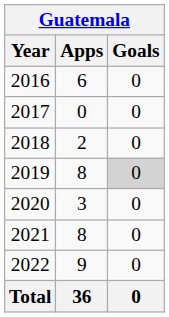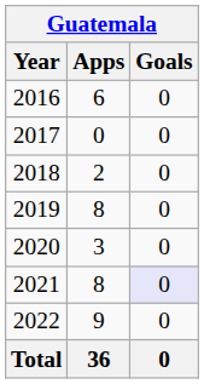 <table class="wikitable" style="text-align:center">
 <tr>
 <th colspan=3><a href='#'>Guatemala</a></th>
 </tr>
 <tr>
 <th>Year</th>
 <th>Apps</th>
 <th>Goals</th>
 </tr>
 <tr>
 <td>2016</td>
 <td>6</td>
 <td>0</td>
 </tr>
 <tr>
 <td>2017</td>
 <td>0</td>
 <td>0</td>
 </tr>
 <tr>
 <td>2018</td>
 <td>2</td>
 <td>0</td>
 </tr>
 <tr>
 <td>2019</td>
 <td>8</td>
-<td style="background: lightgrey;">0</td>
+<td>0</td>
 </tr>
 <tr>
 <td>2020</td>
 <td>3</td>
 <td>0</td>
 </tr>
 <tr>
 <td>2021</td>
 <td>8</td>
-<td>0</td>
+<td style="background: lavender;">0</td>
 </tr>
 <tr>
 <td>2022</td>
 <td>9</td>
 <td>0</td>
 </tr>
 <tr>
 <th>Total</th>
 <th>36</th>
 <th>0</th>
 </tr>
 </table>
